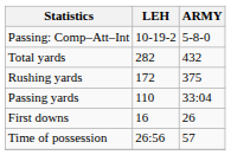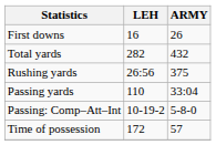 <table class="wikitable" style="float: left;">
 <tr>
 <th>Statistics</th>
 <th>LEH</th>
 <th>ARMY</th>
 </tr>
 <tr>
-<td>Passing: Comp–Att–Int</td>
-<td>10-19-2</td>
-<td>5-8-0</td>
+<td>First downs</td>
+<td>16</td>
+<td>26</td>
 </tr>
 <tr>
 <td>Total yards</td>
 <td>282</td>
 <td>432</td>
 </tr>
 <tr>
 <td>Rushing yards</td>
-<td>172</td>
+<td>26:56</td>
 <td>375</td>
 </tr>
 <tr>
 <td>Passing yards</td>
 <td>110</td>
 <td>33:04</td>
 </tr>
 <tr>
-<td>First downs</td>
-<td>16</td>
-<td>26</td>
+<td>Passing: Comp–Att–Int</td>
+<td>10-19-2</td>
+<td>5-8-0</td>
 </tr>
 <tr>
 <td>Time of possession</td>
-<td>26:56</td>
+<td>172</td>
 <td>57</td>
 </tr>
 <tr>
 </tr>
 </table>
